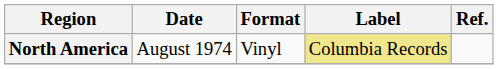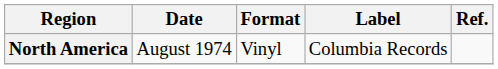 <table class="wikitable plainrowheaders">
 <tr>
 <th scope="col">Region</th>
 <th scope="col">Date</th>
 <th scope="col">Format</th>
 <th scope="col">Label</th>
 <th scope="col">Ref.</th>
 </tr>
 <tr>
 <th scope="row">North America</th>
 <td>August 1974</td>
 <td>Vinyl</td>
-<td style="background: khaki;">Columbia Records</td>
+<td>Columbia Records</td>
 <td></td>
 </tr>
 <tr>
 </tr>
 </table>
